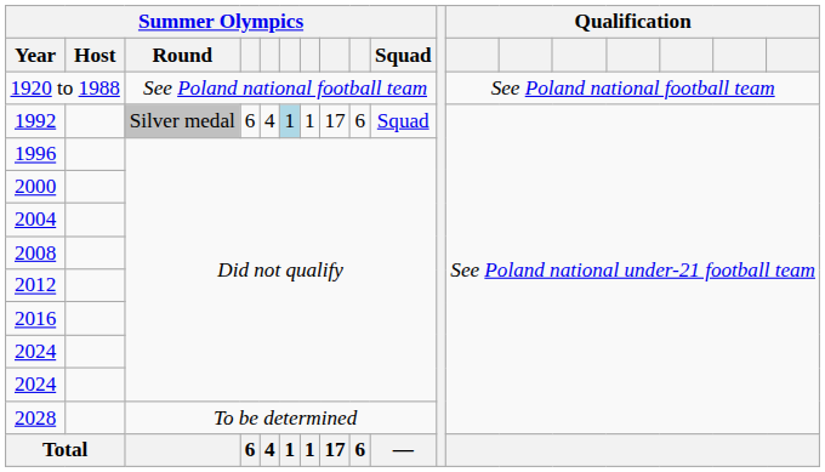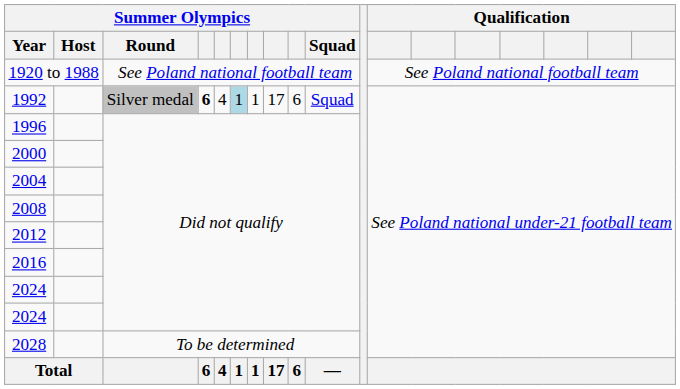 <table class="wikitable" style="text-align: center;font-size:100%;">
 <tr>
 <th colspan="10"><a href='#'>Summer Olympics</a></th>
 <th rowspan="25"></th>
 <th colspan="7">Qualification</th>
 </tr>
 <tr>
 <th>Year</th>
 <th>Host</th>
 <th>Round</th>
 <th></th>
 <th></th>
 <th></th>
 <th></th>
 <th></th>
 <th></th>
 <th>Squad</th>
 <th></th>
 <th></th>
 <th></th>
 <th></th>
 <th></th>
 <th></th>
 <th></th>
 </tr>
 <tr>
 <td colspan="2"><a href='#'>1920</a> to <a href='#'>1988</a></td>
 <td colspan="9"><em>See <a href='#'>Poland national football team</a></em></td>
 <td colspan="7"><em>See <a href='#'>Poland national football team</a></em></td>
 </tr>
 <tr>
 <td><a href='#'>1992</a></td>
 <td align=left></td>
 <td bgcolor="silver">Silver medal</td>
-<td>6</td>
+<td><strong>6</strong></td>
 <td>4</td>
 <td style="background: lightblue;">1</td>
 <td>1</td>
 <td>17</td>
 <td>6</td>
 <td><a href='#'>Squad</a></td>
 <td colspan="7" rowspan="10"><em>See <a href='#'>Poland national under-21 football team</a></em></td>
 </tr>
 <tr>
 <td><a href='#'>1996</a></td>
 <td align=left></td>
 <td colspan="8" rowspan="8"><em>Did not qualify</em></td>
 </tr>
 <tr>
 <td><a href='#'>2000</a></td>
 <td align=left></td>
 </tr>
 <tr>
 <td><a href='#'>2004</a></td>
 <td align=left></td>
 </tr>
 <tr>
 <td><a href='#'>2008</a></td>
 <td align=left></td>
 </tr>
 <tr>
 <td><a href='#'>2012</a></td>
 <td align=left></td>
 </tr>
 <tr>
 <td><a href='#'>2016</a></td>
 <td align=left></td>
 </tr>
 <tr>
 <td><a href='#'>2024</a></td>
 <td align=left></td>
 </tr>
 <tr>
 <td><a href='#'>2024</a></td>
 <td align=left></td>
 </tr>
 <tr>
 <td><a href='#'>2028</a></td>
 <td align=left></td>
 <td colspan="9"><em>To be determined</em></td>
 </tr>
 <tr>
 <th colspan="2">Total</th>
 <th></th>
 <th>6</th>
 <th>4</th>
 <th>1</th>
 <th>1</th>
 <th>17</th>
 <th>6</th>
 <th>—</th>
 <th colspan="7"></th>
 </tr>
 </table>
